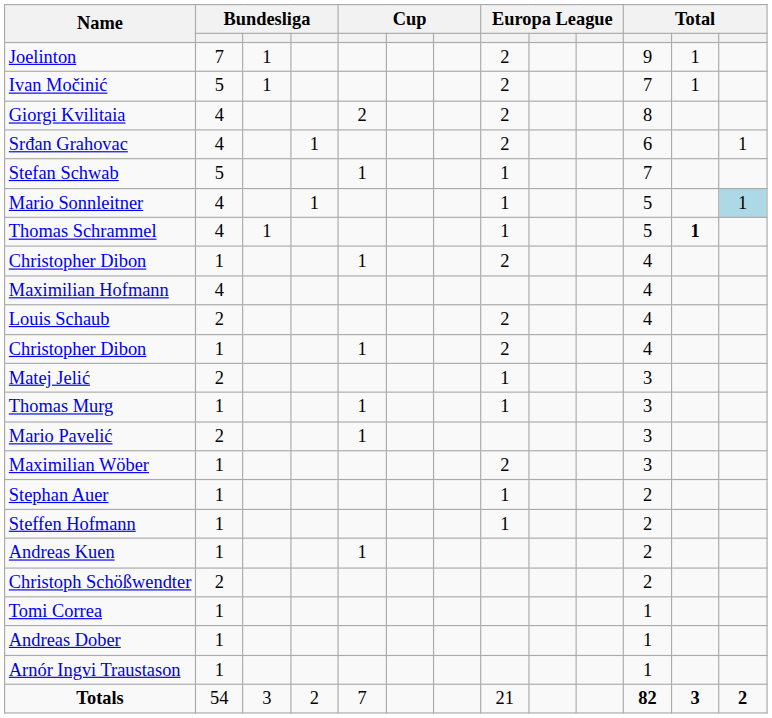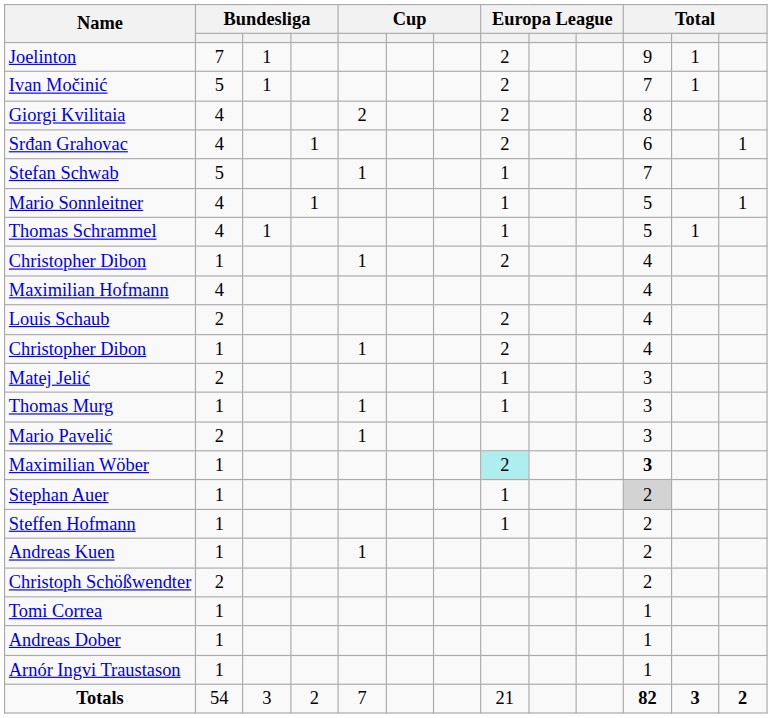 <table class="wikitable" style="text-align:center;">
 <tr>
 <th rowspan="2" style="width:200">Name</th>
 <th colspan="3">Bundesliga</th>
 <th colspan="3">Cup</th>
 <th colspan="3">Europa League</th>
 <th colspan="3">Total</th>
 </tr>
 <tr>
 <th style="width:34px;"></th>
 <th style="width:34px;"></th>
 <th style="width:34px;"></th>
 <th style="width:34px;"></th>
 <th style="width:34px;"></th>
 <th style="width:34px;"></th>
 <th style="width:34px;"></th>
 <th style="width:34px;"></th>
 <th style="width:34px;"></th>
 <th style="width:34px;"></th>
 <th style="width:34px;"></th>
 <th style="width:34px;"></th>
 </tr>
 <tr>
 <td align="left"> <a href='#'>Joelinton</a></td>
 <td>7</td>
 <td>1</td>
 <td></td>
 <td></td>
 <td></td>
 <td></td>
 <td>2</td>
 <td></td>
 <td></td>
 <td>9</td>
 <td>1</td>
 <td></td>
 </tr>
 <tr>
 <td align="left"> <a href='#'>Ivan Močinić</a></td>
 <td>5</td>
 <td>1</td>
 <td></td>
 <td></td>
 <td></td>
 <td></td>
 <td>2</td>
 <td></td>
 <td></td>
 <td>7</td>
 <td>1</td>
 <td></td>
 </tr>
 <tr>
 <td align="left"> <a href='#'>Giorgi Kvilitaia</a></td>
 <td>4</td>
 <td></td>
 <td></td>
 <td>2</td>
 <td></td>
 <td></td>
 <td>2</td>
 <td></td>
 <td></td>
 <td>8</td>
 <td></td>
 <td></td>
 </tr>
 <tr>
 <td align="left"> <a href='#'>Srđan Grahovac</a></td>
 <td>4</td>
 <td></td>
 <td>1</td>
 <td></td>
 <td></td>
 <td></td>
 <td>2</td>
 <td></td>
 <td></td>
 <td>6</td>
 <td></td>
 <td>1</td>
 </tr>
 <tr>
 <td align="left"> <a href='#'>Stefan Schwab</a></td>
 <td>5</td>
 <td></td>
 <td></td>
 <td>1</td>
 <td></td>
 <td></td>
 <td>1</td>
 <td></td>
 <td></td>
 <td>7</td>
 <td></td>
 <td></td>
 </tr>
 <tr>
 <td align="left"> <a href='#'>Mario Sonnleitner</a></td>
 <td>4</td>
 <td></td>
 <td>1</td>
 <td></td>
 <td></td>
 <td></td>
 <td>1</td>
 <td></td>
 <td></td>
 <td>5</td>
 <td></td>
-<td style="background: lightblue;">1</td>
+<td>1</td>
 </tr>
 <tr>
 <td align="left"> <a href='#'>Thomas Schrammel</a></td>
 <td>4</td>
 <td>1</td>
 <td></td>
 <td></td>
 <td></td>
 <td></td>
 <td>1</td>
 <td></td>
 <td></td>
 <td>5</td>
-<td><strong>1</strong></td>
+<td>1</td>
 <td></td>
 </tr>
 <tr>
 <td align="left"> <a href='#'>Christopher Dibon</a></td>
 <td>1</td>
 <td></td>
 <td></td>
 <td>1</td>
 <td></td>
 <td></td>
 <td>2</td>
 <td></td>
 <td></td>
 <td>4</td>
 <td></td>
 <td></td>
 </tr>
 <tr>
 <td align="left"> <a href='#'>Maximilian Hofmann</a></td>
 <td>4</td>
 <td></td>
 <td></td>
 <td></td>
 <td></td>
 <td></td>
 <td></td>
 <td></td>
 <td></td>
 <td>4</td>
 <td></td>
 <td></td>
 </tr>
 <tr>
 <td align="left"> <a href='#'>Louis Schaub</a></td>
 <td>2</td>
 <td></td>
 <td></td>
 <td></td>
 <td></td>
 <td></td>
 <td>2</td>
 <td></td>
 <td></td>
 <td>4</td>
 <td></td>
 <td></td>
 </tr>
 <tr>
 <td align="left"> <a href='#'>Christopher Dibon</a></td>
 <td>1</td>
 <td></td>
 <td></td>
 <td>1</td>
 <td></td>
 <td></td>
 <td>2</td>
 <td></td>
 <td></td>
 <td>4</td>
 <td></td>
 <td></td>
 </tr>
 <tr>
 <td align="left"> <a href='#'>Matej Jelić</a></td>
 <td>2</td>
 <td></td>
 <td></td>
 <td></td>
 <td></td>
 <td></td>
 <td>1</td>
 <td></td>
 <td></td>
 <td>3</td>
 <td></td>
 <td></td>
 </tr>
 <tr>
 <td align="left"> <a href='#'>Thomas Murg</a></td>
 <td>1</td>
 <td></td>
 <td></td>
 <td>1</td>
 <td></td>
 <td></td>
 <td>1</td>
 <td></td>
 <td></td>
 <td>3</td>
 <td></td>
 <td></td>
 </tr>
 <tr>
 <td align="left"> <a href='#'>Mario Pavelić</a></td>
 <td>2</td>
 <td></td>
 <td></td>
 <td>1</td>
 <td></td>
 <td></td>
 <td></td>
 <td></td>
 <td></td>
 <td>3</td>
 <td></td>
 <td></td>
 </tr>
 <tr>
 <td align="left"> <a href='#'>Maximilian Wöber</a></td>
 <td>1</td>
 <td></td>
 <td></td>
 <td></td>
 <td></td>
 <td></td>
-<td>2</td>
+<td style="background: paleturquoise;">2</td>
 <td></td>
 <td></td>
-<td>3</td>
+<td><strong>3</strong></td>
 <td></td>
 <td></td>
 </tr>
 <tr>
 <td align="left"> <a href='#'>Stephan Auer</a></td>
 <td>1</td>
 <td></td>
 <td></td>
 <td></td>
 <td></td>
 <td></td>
 <td>1</td>
 <td></td>
 <td></td>
-<td>2</td>
+<td style="background: lightgrey;">2</td>
 <td></td>
 <td></td>
 </tr>
 <tr>
 <td align="left"> <a href='#'>Steffen Hofmann</a></td>
 <td>1</td>
 <td></td>
 <td></td>
 <td></td>
 <td></td>
 <td></td>
 <td>1</td>
 <td></td>
 <td></td>
 <td>2</td>
 <td></td>
 <td></td>
 </tr>
 <tr>
 <td align="left"> <a href='#'>Andreas Kuen</a></td>
 <td>1</td>
 <td></td>
 <td></td>
 <td>1</td>
 <td></td>
 <td></td>
 <td></td>
 <td></td>
 <td></td>
 <td>2</td>
 <td></td>
 <td></td>
 </tr>
 <tr>
 <td align="left"> <a href='#'>Christoph Schößwendter</a></td>
 <td>2</td>
 <td></td>
 <td></td>
 <td></td>
 <td></td>
 <td></td>
 <td></td>
 <td></td>
 <td></td>
 <td>2</td>
 <td></td>
 <td></td>
 </tr>
 <tr>
 <td align="left"> <a href='#'>Tomi Correa</a></td>
 <td>1</td>
 <td></td>
 <td></td>
 <td></td>
 <td></td>
 <td></td>
 <td></td>
 <td></td>
 <td></td>
 <td>1</td>
 <td></td>
 <td></td>
 </tr>
 <tr>
 <td align="left"> <a href='#'>Andreas Dober</a></td>
 <td>1</td>
 <td></td>
 <td></td>
 <td></td>
 <td></td>
 <td></td>
 <td></td>
 <td></td>
 <td></td>
 <td>1</td>
 <td></td>
 <td></td>
 </tr>
 <tr>
 <td align="left"> <a href='#'>Arnór Ingvi Traustason</a></td>
 <td>1</td>
 <td></td>
 <td></td>
 <td></td>
 <td></td>
 <td></td>
 <td></td>
 <td></td>
 <td></td>
 <td>1</td>
 <td></td>
 <td></td>
 </tr>
 <tr>
 <td><strong>Totals</strong></td>
 <td>54</td>
 <td>3</td>
 <td>2</td>
 <td>7</td>
 <td></td>
 <td></td>
 <td>21</td>
 <td></td>
 <td></td>
 <td><strong>82</strong></td>
 <td><strong>3</strong></td>
 <td><strong>2</strong></td>
 </tr>
 </table>
